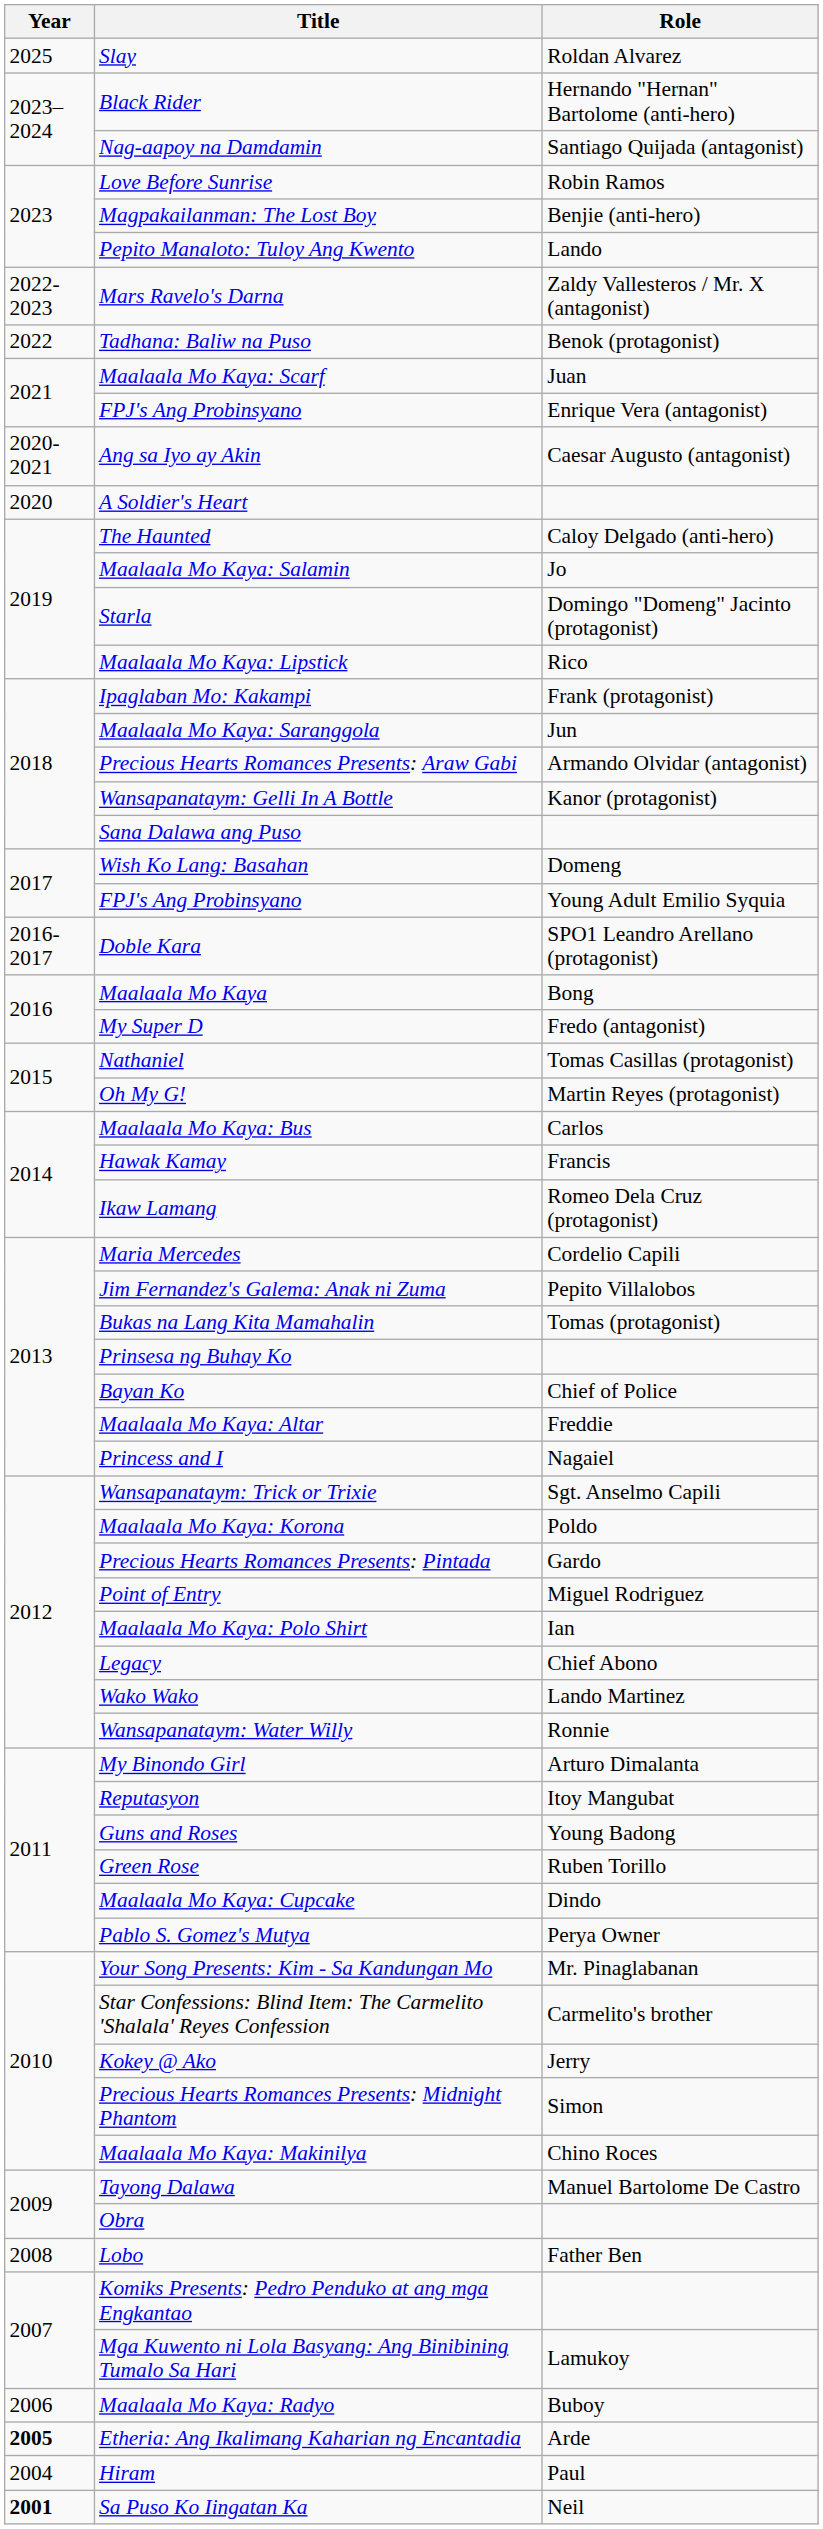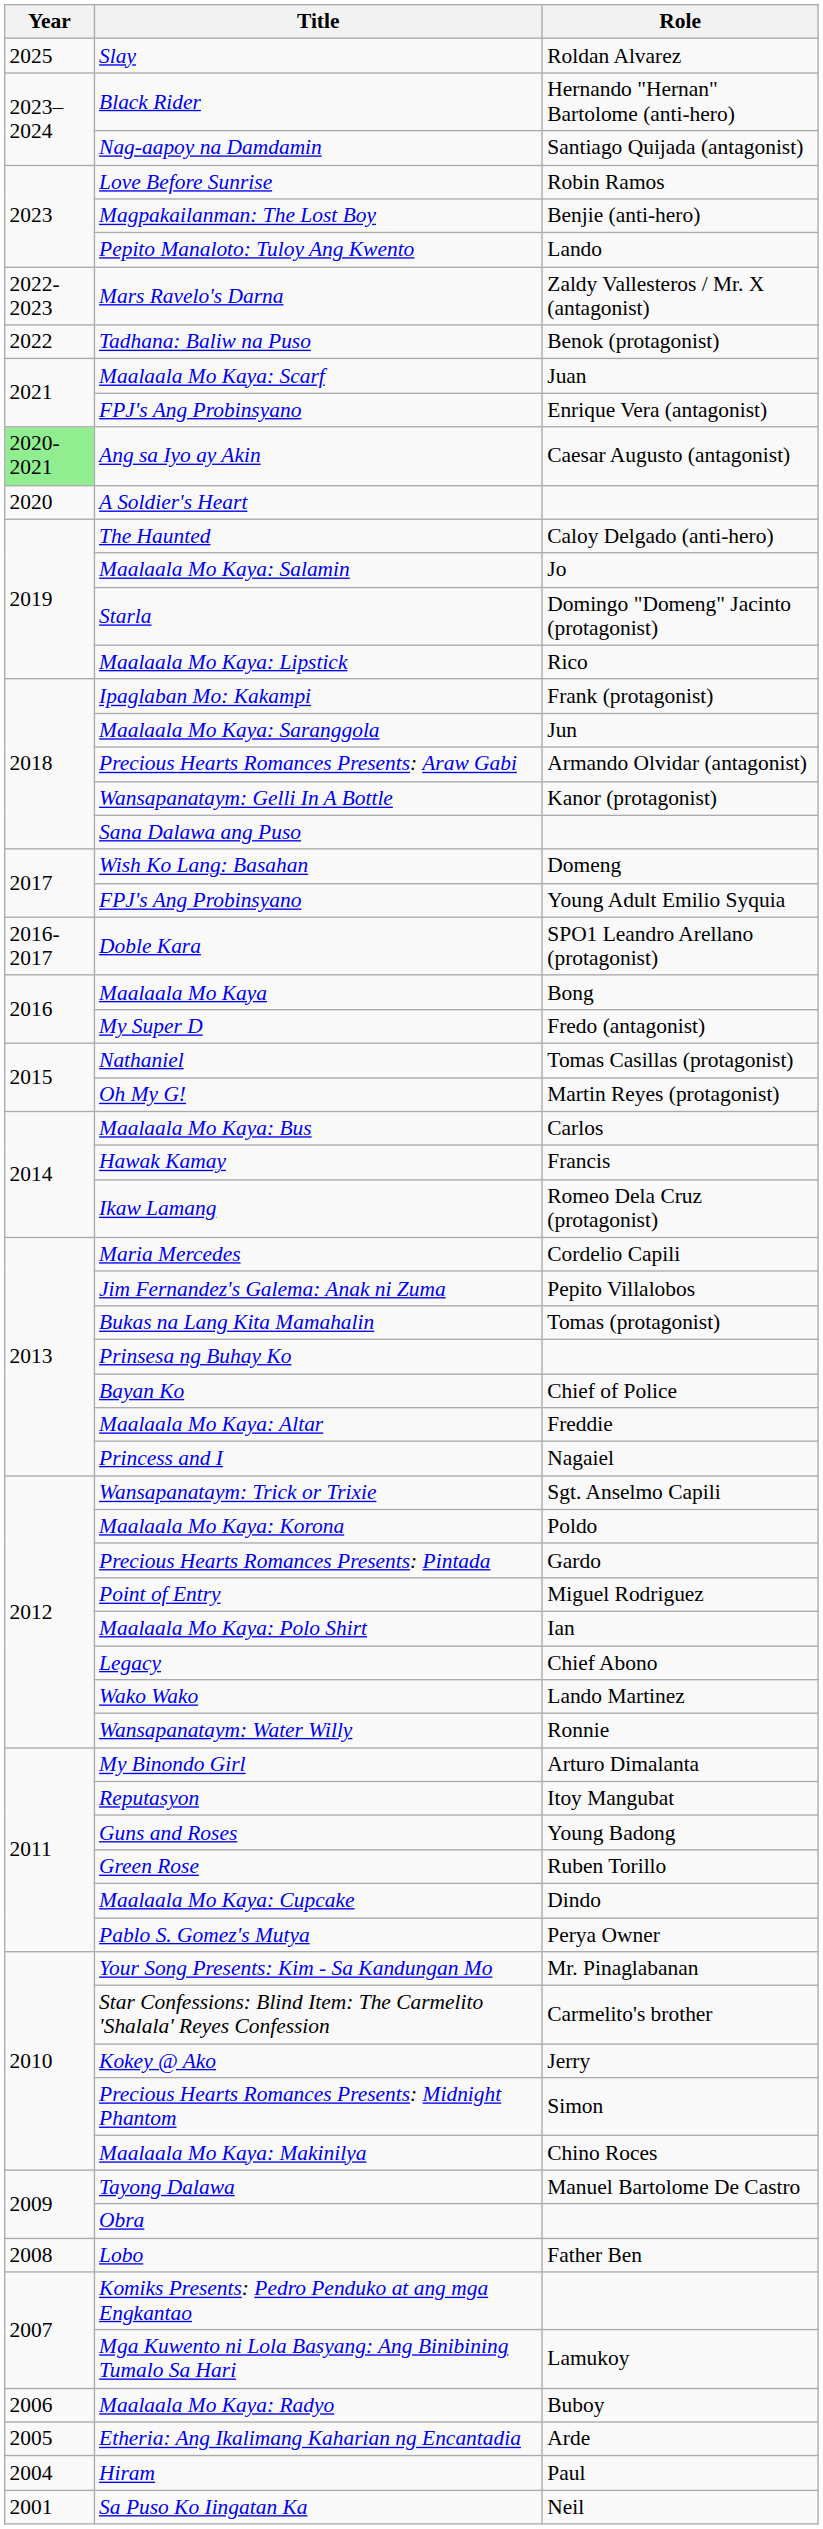 <table class="wikitable">
 <tr>
 <th>Year</th>
 <th>Title</th>
 <th>Role</th>
 </tr>
 <tr>
 <td>2025</td>
 <td><a href='#'><em>Slay</em></a></td>
 <td>Roldan Alvarez</td>
 </tr>
 <tr>
 <td rowspan="2">2023–2024</td>
 <td><em><a href='#'>Black Rider</a></em></td>
 <td>Hernando "Hernan" Bartolome (anti-hero)</td>
 </tr>
 <tr>
 <td><em><a href='#'>Nag-aapoy na Damdamin</a></em></td>
 <td>Santiago Quijada (antagonist)</td>
 </tr>
 <tr>
 <td rowspan="3">2023</td>
 <td><em><a href='#'>Love Before Sunrise</a></em></td>
 <td>Robin Ramos</td>
 </tr>
 <tr>
 <td><em><a href='#'>Magpakailanman: The Lost Boy</a></em></td>
 <td>Benjie (anti-hero)</td>
 </tr>
 <tr>
 <td><em><a href='#'>Pepito Manaloto: Tuloy Ang Kwento</a></em></td>
 <td>Lando</td>
 </tr>
 <tr>
 <td>2022-2023</td>
 <td><em> <a href='#'>Mars Ravelo's Darna</a></em></td>
 <td>Zaldy Vallesteros / Mr. X (antagonist)</td>
 </tr>
 <tr>
 <td>2022</td>
 <td><a href='#'><em>Tadhana: Baliw na Puso</em></a></td>
 <td>Benok (protagonist)</td>
 </tr>
 <tr>
 <td rowspan="2">2021</td>
 <td><em><a href='#'>Maalaala Mo Kaya: Scarf</a></em></td>
 <td>Juan</td>
 </tr>
 <tr>
 <td><em><a href='#'>FPJ's Ang Probinsyano</a></em></td>
 <td>Enrique Vera (antagonist)</td>
 </tr>
 <tr>
-<td>2020-2021</td>
+<td style="background: lightgreen;">2020-2021</td>
 <td><em><a href='#'>Ang sa Iyo ay Akin</a></em></td>
 <td>Caesar Augusto (antagonist)</td>
 </tr>
 <tr>
 <td>2020</td>
 <td><em><a href='#'>A Soldier's Heart</a></em></td>
 <td></td>
 </tr>
 <tr>
 <td rowspan=4>2019</td>
 <td><em><a href='#'>The Haunted</a></em></td>
 <td>Caloy Delgado (anti-hero)</td>
 </tr>
 <tr>
 <td><em><a href='#'>Maalaala Mo Kaya: Salamin</a></em></td>
 <td>Jo</td>
 </tr>
 <tr>
 <td><em><a href='#'>Starla</a></em></td>
 <td>Domingo "Domeng" Jacinto (protagonist)</td>
 </tr>
 <tr>
 <td><em><a href='#'>Maalaala Mo Kaya: Lipstick</a></em></td>
 <td>Rico</td>
 </tr>
 <tr>
 <td rowspan=5>2018</td>
 <td><em><a href='#'>Ipaglaban Mo: Kakampi</a></em></td>
 <td>Frank (protagonist)</td>
 </tr>
 <tr>
 <td><em><a href='#'>Maalaala Mo Kaya: Saranggola</a></em></td>
 <td>Jun</td>
 </tr>
 <tr>
 <td><em><a href='#'>Precious Hearts Romances Presents</a>: <a href='#'>Araw Gabi</a></em></td>
 <td>Armando Olvidar (antagonist)</td>
 </tr>
 <tr>
 <td><em><a href='#'>Wansapanataym: Gelli In A Bottle</a></em></td>
 <td>Kanor (protagonist)</td>
 </tr>
 <tr>
 <td><em><a href='#'>Sana Dalawa ang Puso</a></em></td>
 <td></td>
 </tr>
 <tr>
 <td rowspan=2>2017</td>
 <td><em><a href='#'>Wish Ko Lang: Basahan</a></em></td>
 <td>Domeng</td>
 </tr>
 <tr>
 <td><em><a href='#'>FPJ's Ang Probinsyano</a></em></td>
 <td>Young Adult Emilio Syquia</td>
 </tr>
 <tr>
 <td>2016-2017</td>
 <td><em><a href='#'>Doble Kara</a></em></td>
 <td>SPO1 Leandro Arellano (protagonist)</td>
 </tr>
 <tr>
 <td rowspan=2>2016</td>
 <td><em><a href='#'>Maalaala Mo Kaya</a></em></td>
 <td>Bong</td>
 </tr>
 <tr>
 <td><em><a href='#'>My Super D</a></em></td>
 <td>Fredo (antagonist)</td>
 </tr>
 <tr>
 <td rowspan=2>2015</td>
 <td><em><a href='#'>Nathaniel</a></em></td>
 <td>Tomas Casillas (protagonist)</td>
 </tr>
 <tr>
 <td><em><a href='#'>Oh My G!</a></em></td>
 <td>Martin Reyes (protagonist)</td>
 </tr>
 <tr>
 <td rowspan=3>2014</td>
 <td><em><a href='#'>Maalaala Mo Kaya: Bus</a></em></td>
 <td>Carlos</td>
 </tr>
 <tr>
 <td><em><a href='#'>Hawak Kamay</a></em></td>
 <td>Francis</td>
 </tr>
 <tr>
 <td><em><a href='#'>Ikaw Lamang</a></em></td>
 <td>Romeo Dela Cruz (protagonist)</td>
 </tr>
 <tr>
 <td rowspan=7>2013</td>
 <td><em><a href='#'>Maria Mercedes</a></em></td>
 <td>Cordelio Capili</td>
 </tr>
 <tr>
 <td><em><a href='#'>Jim Fernandez's Galema: Anak ni Zuma</a></em></td>
 <td>Pepito Villalobos</td>
 </tr>
 <tr>
 <td><em><a href='#'>Bukas na Lang Kita Mamahalin</a></em></td>
 <td>Tomas (protagonist)</td>
 </tr>
 <tr>
 <td><em><a href='#'>Prinsesa ng Buhay Ko</a></em></td>
 <td></td>
 </tr>
 <tr>
 <td><em><a href='#'>Bayan Ko</a></em></td>
 <td>Chief of Police</td>
 </tr>
 <tr>
 <td><em><a href='#'>Maalaala Mo Kaya: Altar</a></em></td>
 <td>Freddie</td>
 </tr>
 <tr>
 <td><em><a href='#'>Princess and I</a></em></td>
 <td>Nagaiel</td>
 </tr>
 <tr>
 <td rowspan=8>2012</td>
 <td><em><a href='#'>Wansapanataym: Trick or Trixie</a></em></td>
 <td>Sgt. Anselmo Capili</td>
 </tr>
 <tr>
 <td><em><a href='#'>Maalaala Mo Kaya: Korona</a></em></td>
 <td>Poldo</td>
 </tr>
 <tr>
 <td><em><a href='#'>Precious Hearts Romances Presents</a>: <a href='#'>Pintada</a></em></td>
 <td>Gardo</td>
 </tr>
 <tr>
 <td><em><a href='#'>Point of Entry</a></em></td>
 <td>Miguel Rodriguez</td>
 </tr>
 <tr>
 <td><em><a href='#'>Maalaala Mo Kaya: Polo Shirt</a></em></td>
 <td>Ian</td>
 </tr>
 <tr>
 <td><em><a href='#'>Legacy</a></em></td>
 <td>Chief Abono</td>
 </tr>
 <tr>
 <td><em><a href='#'>Wako Wako</a></em></td>
 <td>Lando Martinez</td>
 </tr>
 <tr>
 <td><em><a href='#'>Wansapanataym: Water Willy</a></em></td>
 <td>Ronnie</td>
 </tr>
 <tr>
 <td rowspan=6>2011</td>
 <td><em><a href='#'>My Binondo Girl</a></em></td>
 <td>Arturo Dimalanta</td>
 </tr>
 <tr>
 <td><em><a href='#'>Reputasyon</a></em></td>
 <td>Itoy Mangubat</td>
 </tr>
 <tr>
 <td><em><a href='#'>Guns and Roses</a></em></td>
 <td>Young Badong</td>
 </tr>
 <tr>
 <td><em><a href='#'>Green Rose</a></em></td>
 <td>Ruben Torillo</td>
 </tr>
 <tr>
 <td><em><a href='#'>Maalaala Mo Kaya: Cupcake</a></em></td>
 <td>Dindo</td>
 </tr>
 <tr>
 <td><em><a href='#'>Pablo S. Gomez's Mutya</a></em></td>
 <td>Perya Owner</td>
 </tr>
 <tr>
 <td rowspan=5>2010</td>
 <td><em><a href='#'>Your Song Presents: Kim - Sa Kandungan Mo</a></em></td>
 <td>Mr. Pinaglabanan</td>
 </tr>
 <tr>
 <td><em>Star Confessions: Blind Item: The Carmelito 'Shalala' Reyes Confession</em></td>
 <td>Carmelito's brother</td>
 </tr>
 <tr>
 <td><em><a href='#'>Kokey @ Ako</a></em></td>
 <td>Jerry</td>
 </tr>
 <tr>
 <td><em><a href='#'>Precious Hearts Romances Presents</a>: <a href='#'>Midnight Phantom</a></em></td>
 <td>Simon</td>
 </tr>
 <tr>
 <td><em><a href='#'>Maalaala Mo Kaya: Makinilya</a></em></td>
 <td>Chino Roces</td>
 </tr>
 <tr>
 <td rowspan=2>2009</td>
 <td><em><a href='#'>Tayong Dalawa</a></em></td>
 <td>Manuel Bartolome De Castro</td>
 </tr>
 <tr>
 <td><em><a href='#'>Obra</a></em></td>
 <td></td>
 </tr>
 <tr>
 <td>2008</td>
 <td><em><a href='#'>Lobo</a></em></td>
 <td>Father Ben</td>
 </tr>
 <tr>
 <td rowspan=2>2007</td>
 <td><em><a href='#'>Komiks Presents</a>: <a href='#'>Pedro Penduko at ang mga Engkantao</a></em></td>
 <td></td>
 </tr>
 <tr>
 <td><em><a href='#'>Mga Kuwento ni Lola Basyang: Ang Binibining Tumalo Sa Hari</a></em></td>
 <td>Lamukoy</td>
 </tr>
 <tr>
 <td>2006</td>
 <td><em><a href='#'>Maalaala Mo Kaya: Radyo</a></em></td>
 <td>Buboy</td>
 </tr>
 <tr>
-<td><strong>2005</strong></td>
+<td>2005</td>
 <td><em><a href='#'>Etheria: Ang Ikalimang Kaharian ng Encantadia</a></em></td>
 <td>Arde</td>
 </tr>
 <tr>
 <td>2004</td>
 <td><em><a href='#'>Hiram</a></em></td>
 <td>Paul</td>
 </tr>
 <tr>
-<td><strong>2001</strong></td>
+<td>2001</td>
 <td><em><a href='#'>Sa Puso Ko Iingatan Ka</a></em></td>
 <td>Neil</td>
 </tr>
 </table>
